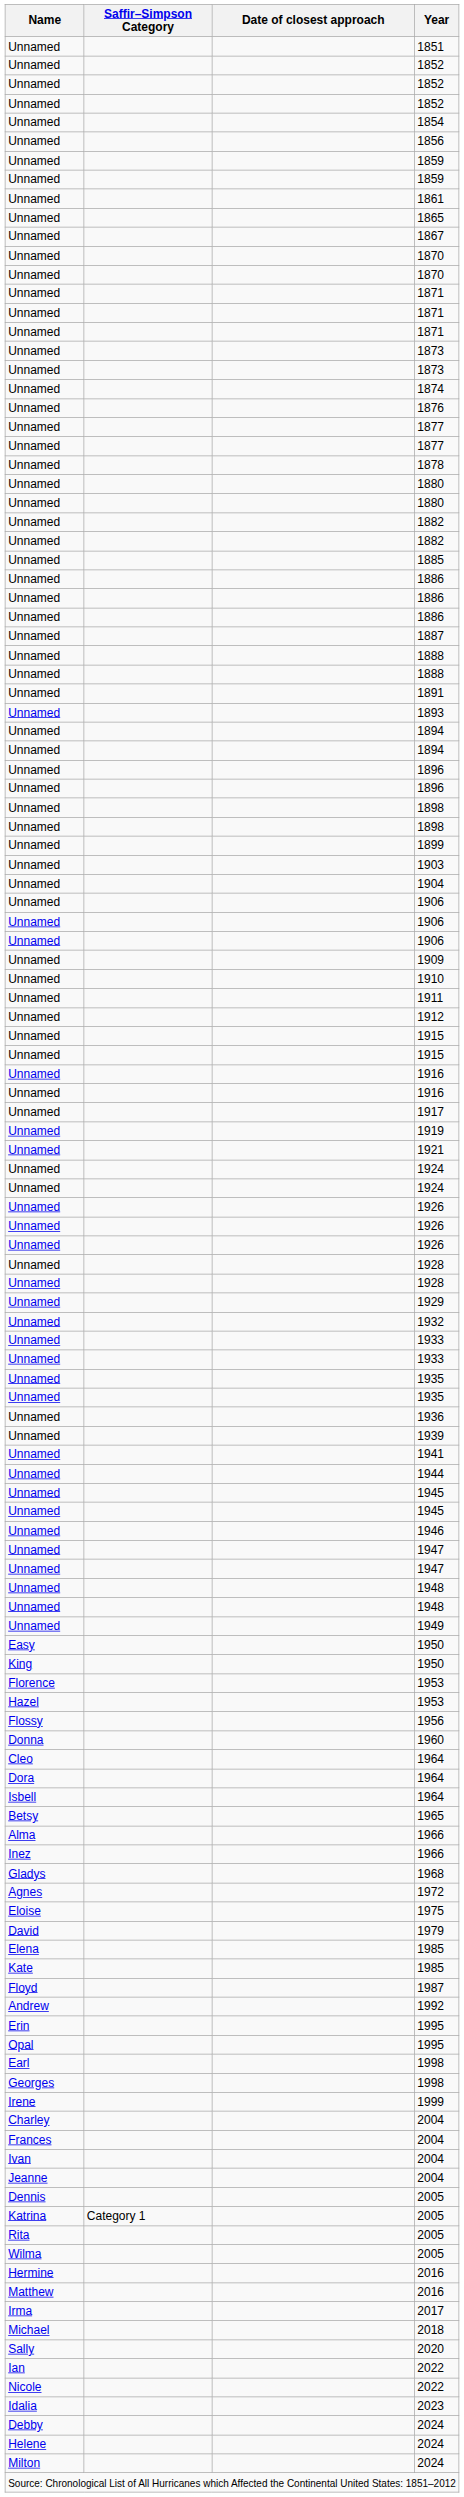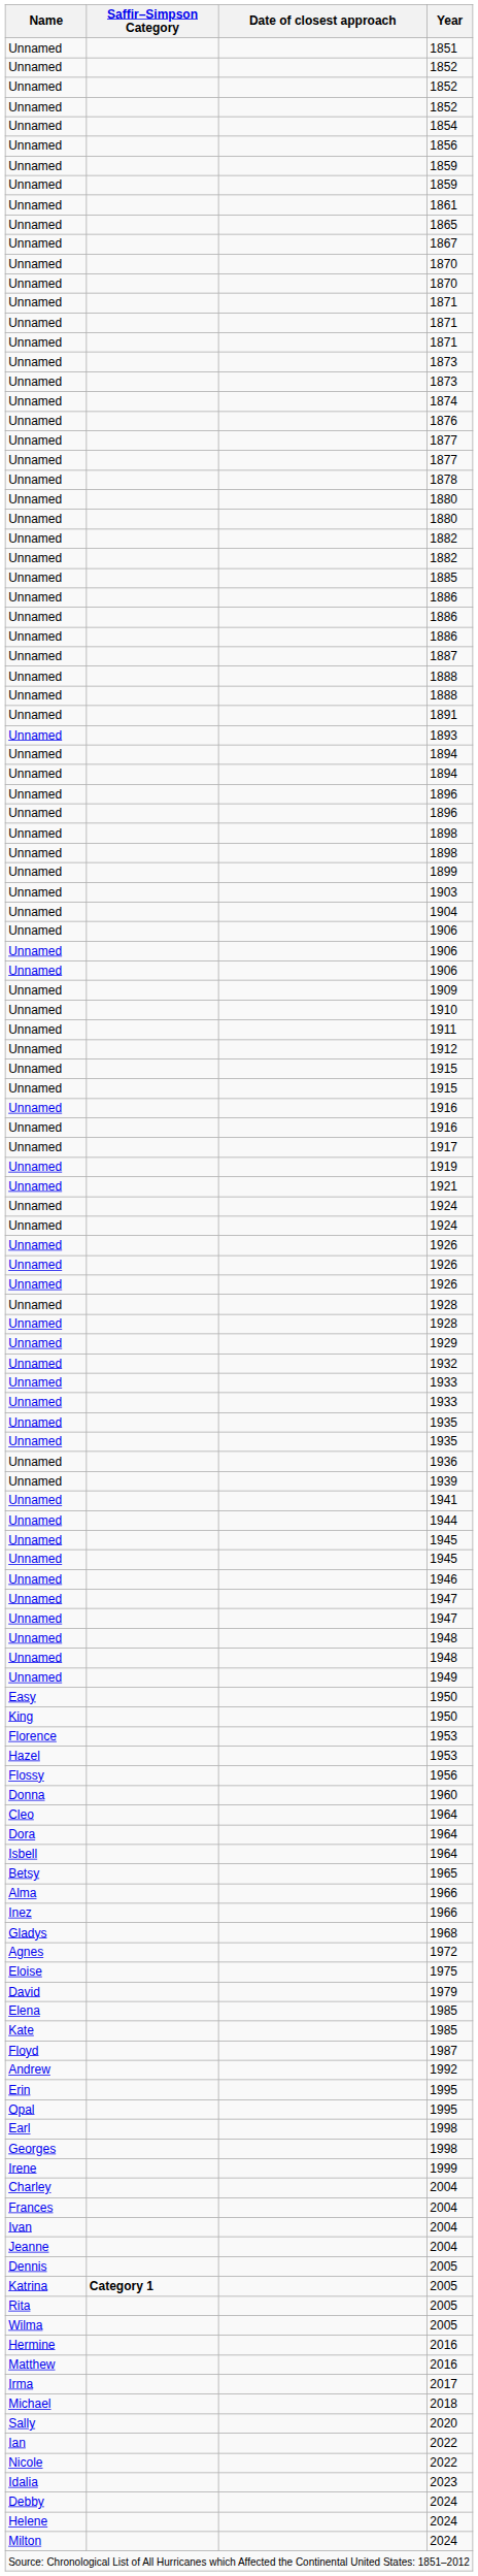 <table class="wikitable sortable" style="margin:1em auto;">
 <tr>
 <th>Name</th>
 <th><a href='#'>Saffir–Simpson</a><br>Category</th>
 <th>Date of closest approach</th>
 <th>Year</th>
 </tr>
 <tr>
 <td>Unnamed</td>
 <td></td>
 <td></td>
 <td>1851</td>
 </tr>
 <tr>
 <td>Unnamed</td>
 <td></td>
 <td></td>
 <td>1852</td>
 </tr>
 <tr>
 <td>Unnamed</td>
 <td></td>
 <td></td>
 <td>1852</td>
 </tr>
 <tr>
 <td>Unnamed</td>
 <td></td>
 <td></td>
 <td>1852</td>
 </tr>
 <tr>
 <td>Unnamed</td>
 <td></td>
 <td></td>
 <td>1854</td>
 </tr>
 <tr>
 <td>Unnamed</td>
 <td></td>
 <td></td>
 <td>1856</td>
 </tr>
 <tr>
 <td>Unnamed</td>
 <td></td>
 <td></td>
 <td>1859</td>
 </tr>
 <tr>
 <td>Unnamed</td>
 <td></td>
 <td></td>
 <td>1859</td>
 </tr>
 <tr>
 <td>Unnamed</td>
 <td></td>
 <td></td>
 <td>1861</td>
 </tr>
 <tr>
 <td>Unnamed</td>
 <td></td>
 <td></td>
 <td>1865</td>
 </tr>
 <tr>
 <td>Unnamed</td>
 <td></td>
 <td></td>
 <td>1867</td>
 </tr>
 <tr>
 <td>Unnamed</td>
 <td></td>
 <td></td>
 <td>1870</td>
 </tr>
 <tr>
 <td>Unnamed</td>
 <td></td>
 <td></td>
 <td>1870</td>
 </tr>
 <tr>
 <td>Unnamed</td>
 <td></td>
 <td></td>
 <td>1871</td>
 </tr>
 <tr>
 <td>Unnamed</td>
 <td></td>
 <td></td>
 <td>1871</td>
 </tr>
 <tr>
 <td>Unnamed</td>
 <td></td>
 <td></td>
 <td>1871</td>
 </tr>
 <tr>
 <td>Unnamed</td>
 <td></td>
 <td></td>
 <td>1873</td>
 </tr>
 <tr>
 <td>Unnamed</td>
 <td></td>
 <td></td>
 <td>1873</td>
 </tr>
 <tr>
 <td>Unnamed</td>
 <td></td>
 <td></td>
 <td>1874</td>
 </tr>
 <tr>
 <td>Unnamed</td>
 <td></td>
 <td></td>
 <td>1876</td>
 </tr>
 <tr>
 <td>Unnamed</td>
 <td></td>
 <td></td>
 <td>1877</td>
 </tr>
 <tr>
 <td>Unnamed</td>
 <td></td>
 <td></td>
 <td>1877</td>
 </tr>
 <tr>
 <td>Unnamed</td>
 <td></td>
 <td></td>
 <td>1878</td>
 </tr>
 <tr>
 <td>Unnamed</td>
 <td></td>
 <td></td>
 <td>1880</td>
 </tr>
 <tr>
 <td>Unnamed</td>
 <td></td>
 <td></td>
 <td>1880</td>
 </tr>
 <tr>
 <td>Unnamed</td>
 <td></td>
 <td></td>
 <td>1882</td>
 </tr>
 <tr>
 <td>Unnamed</td>
 <td></td>
 <td></td>
 <td>1882</td>
 </tr>
 <tr>
 <td>Unnamed</td>
 <td></td>
 <td></td>
 <td>1885</td>
 </tr>
 <tr>
 <td>Unnamed</td>
 <td></td>
 <td></td>
 <td>1886</td>
 </tr>
 <tr>
 <td>Unnamed</td>
 <td></td>
 <td></td>
 <td>1886</td>
 </tr>
 <tr>
 <td>Unnamed</td>
 <td></td>
 <td></td>
 <td>1886</td>
 </tr>
 <tr>
 <td>Unnamed</td>
 <td></td>
 <td></td>
 <td>1887</td>
 </tr>
 <tr>
 <td>Unnamed</td>
 <td></td>
 <td></td>
 <td>1888</td>
 </tr>
 <tr>
 <td>Unnamed</td>
 <td></td>
 <td></td>
 <td>1888</td>
 </tr>
 <tr>
 <td>Unnamed</td>
 <td></td>
 <td></td>
 <td>1891</td>
 </tr>
 <tr>
 <td><a href='#'>Unnamed</a></td>
 <td></td>
 <td></td>
 <td>1893</td>
 </tr>
 <tr>
 <td>Unnamed</td>
 <td></td>
 <td></td>
 <td>1894</td>
 </tr>
 <tr>
 <td>Unnamed</td>
 <td></td>
 <td></td>
 <td>1894</td>
 </tr>
 <tr>
 <td>Unnamed</td>
 <td></td>
 <td></td>
 <td>1896</td>
 </tr>
 <tr>
 <td>Unnamed</td>
 <td></td>
 <td></td>
 <td>1896</td>
 </tr>
 <tr>
 <td>Unnamed</td>
 <td></td>
 <td></td>
 <td>1898</td>
 </tr>
 <tr>
 <td>Unnamed</td>
 <td></td>
 <td></td>
 <td>1898</td>
 </tr>
 <tr>
 <td>Unnamed</td>
 <td></td>
 <td></td>
 <td>1899</td>
 </tr>
 <tr>
 <td>Unnamed</td>
 <td></td>
 <td></td>
 <td>1903</td>
 </tr>
 <tr>
 <td>Unnamed</td>
 <td></td>
 <td></td>
 <td>1904</td>
 </tr>
 <tr>
 <td>Unnamed</td>
 <td></td>
 <td></td>
 <td>1906</td>
 </tr>
 <tr>
 <td><a href='#'>Unnamed</a></td>
 <td></td>
 <td></td>
 <td>1906</td>
 </tr>
 <tr>
 <td><a href='#'>Unnamed</a></td>
 <td></td>
 <td></td>
 <td>1906</td>
 </tr>
 <tr>
 <td>Unnamed</td>
 <td></td>
 <td></td>
 <td>1909</td>
 </tr>
 <tr>
 <td>Unnamed</td>
 <td></td>
 <td></td>
 <td>1910</td>
 </tr>
 <tr>
 <td>Unnamed</td>
 <td></td>
 <td></td>
 <td>1911</td>
 </tr>
 <tr>
 <td>Unnamed</td>
 <td></td>
 <td></td>
 <td>1912</td>
 </tr>
 <tr>
 <td>Unnamed</td>
 <td></td>
 <td></td>
 <td>1915</td>
 </tr>
 <tr>
 <td>Unnamed</td>
 <td></td>
 <td></td>
 <td>1915</td>
 </tr>
 <tr>
 <td><a href='#'>Unnamed</a></td>
 <td></td>
 <td></td>
 <td>1916</td>
 </tr>
 <tr>
 <td>Unnamed</td>
 <td></td>
 <td></td>
 <td>1916</td>
 </tr>
 <tr>
 <td>Unnamed</td>
 <td></td>
 <td></td>
 <td>1917</td>
 </tr>
 <tr>
 <td><a href='#'>Unnamed</a></td>
 <td></td>
 <td></td>
 <td>1919</td>
 </tr>
 <tr>
 <td><a href='#'>Unnamed</a></td>
 <td></td>
 <td></td>
 <td>1921</td>
 </tr>
 <tr>
 <td>Unnamed</td>
 <td></td>
 <td></td>
 <td>1924</td>
 </tr>
 <tr>
 <td>Unnamed</td>
 <td></td>
 <td></td>
 <td>1924</td>
 </tr>
 <tr>
 <td><a href='#'>Unnamed</a></td>
 <td></td>
 <td></td>
 <td>1926</td>
 </tr>
 <tr>
 <td><a href='#'>Unnamed</a></td>
 <td></td>
 <td></td>
 <td>1926</td>
 </tr>
 <tr>
 <td><a href='#'>Unnamed</a></td>
 <td></td>
 <td></td>
 <td>1926</td>
 </tr>
 <tr>
 <td>Unnamed</td>
 <td></td>
 <td></td>
 <td>1928</td>
 </tr>
 <tr>
 <td><a href='#'>Unnamed</a></td>
 <td></td>
 <td></td>
 <td>1928</td>
 </tr>
 <tr>
 <td><a href='#'>Unnamed</a></td>
 <td></td>
 <td></td>
 <td>1929</td>
 </tr>
 <tr>
 <td><a href='#'>Unnamed</a></td>
 <td></td>
 <td></td>
 <td>1932</td>
 </tr>
 <tr>
 <td><a href='#'>Unnamed</a></td>
 <td></td>
 <td></td>
 <td>1933</td>
 </tr>
 <tr>
 <td><a href='#'>Unnamed</a></td>
 <td></td>
 <td></td>
 <td>1933</td>
 </tr>
 <tr>
 <td><a href='#'>Unnamed</a></td>
 <td></td>
 <td></td>
 <td>1935</td>
 </tr>
 <tr>
 <td><a href='#'>Unnamed</a></td>
 <td></td>
 <td></td>
 <td>1935</td>
 </tr>
 <tr>
 <td>Unnamed</td>
 <td></td>
 <td></td>
 <td>1936</td>
 </tr>
 <tr>
 <td>Unnamed</td>
 <td></td>
 <td></td>
 <td>1939</td>
 </tr>
 <tr>
 <td><a href='#'>Unnamed</a></td>
 <td></td>
 <td></td>
 <td>1941</td>
 </tr>
 <tr>
 <td><a href='#'>Unnamed</a></td>
 <td></td>
 <td></td>
 <td>1944</td>
 </tr>
 <tr>
 <td><a href='#'>Unnamed</a></td>
 <td></td>
 <td></td>
 <td>1945</td>
 </tr>
 <tr>
 <td><a href='#'>Unnamed</a></td>
 <td></td>
 <td></td>
 <td>1945</td>
 </tr>
 <tr>
 <td><a href='#'>Unnamed</a></td>
 <td></td>
 <td></td>
 <td>1946</td>
 </tr>
 <tr>
 <td><a href='#'>Unnamed</a></td>
 <td></td>
 <td></td>
 <td>1947</td>
 </tr>
 <tr>
 <td><a href='#'>Unnamed</a></td>
 <td></td>
 <td></td>
 <td>1947</td>
 </tr>
 <tr>
 <td><a href='#'>Unnamed</a></td>
 <td></td>
 <td></td>
 <td>1948</td>
 </tr>
 <tr>
 <td><a href='#'>Unnamed</a></td>
 <td></td>
 <td></td>
 <td>1948</td>
 </tr>
 <tr>
 <td><a href='#'>Unnamed</a></td>
 <td></td>
 <td></td>
 <td>1949</td>
 </tr>
 <tr>
 <td><a href='#'>Easy</a></td>
 <td></td>
 <td></td>
 <td>1950</td>
 </tr>
 <tr>
 <td><a href='#'>King</a></td>
 <td></td>
 <td></td>
 <td>1950</td>
 </tr>
 <tr>
 <td><a href='#'>Florence</a></td>
 <td></td>
 <td></td>
 <td>1953</td>
 </tr>
 <tr>
 <td><a href='#'>Hazel</a></td>
 <td></td>
 <td></td>
 <td>1953</td>
 </tr>
 <tr>
 <td><a href='#'>Flossy</a></td>
 <td></td>
 <td></td>
 <td>1956</td>
 </tr>
 <tr>
 <td><a href='#'>Donna</a></td>
 <td></td>
 <td></td>
 <td>1960</td>
 </tr>
 <tr>
 <td><a href='#'>Cleo</a></td>
 <td></td>
 <td></td>
 <td>1964</td>
 </tr>
 <tr>
 <td><a href='#'>Dora</a></td>
 <td></td>
 <td></td>
 <td>1964</td>
 </tr>
 <tr>
 <td><a href='#'>Isbell</a></td>
 <td></td>
 <td></td>
 <td>1964</td>
 </tr>
 <tr>
 <td><a href='#'>Betsy</a></td>
 <td></td>
 <td></td>
 <td>1965</td>
 </tr>
 <tr>
 <td><a href='#'>Alma</a></td>
 <td></td>
 <td></td>
 <td>1966</td>
 </tr>
 <tr>
 <td><a href='#'>Inez</a></td>
 <td></td>
 <td></td>
 <td>1966</td>
 </tr>
 <tr>
 <td><a href='#'>Gladys</a></td>
 <td></td>
 <td></td>
 <td>1968</td>
 </tr>
 <tr>
 <td><a href='#'>Agnes</a></td>
 <td></td>
 <td></td>
 <td>1972</td>
 </tr>
 <tr>
 <td><a href='#'>Eloise</a></td>
 <td></td>
 <td></td>
 <td>1975</td>
 </tr>
 <tr>
 <td><a href='#'>David</a></td>
 <td></td>
 <td></td>
 <td>1979</td>
 </tr>
 <tr>
 <td><a href='#'>Elena</a></td>
 <td></td>
 <td></td>
 <td>1985</td>
 </tr>
 <tr>
 <td><a href='#'>Kate</a></td>
 <td></td>
 <td></td>
 <td>1985</td>
 </tr>
 <tr>
 <td><a href='#'>Floyd</a></td>
 <td></td>
 <td></td>
 <td>1987</td>
 </tr>
 <tr>
 <td><a href='#'>Andrew</a></td>
 <td></td>
 <td></td>
 <td>1992</td>
 </tr>
 <tr>
 <td><a href='#'>Erin</a></td>
 <td></td>
 <td></td>
 <td>1995</td>
 </tr>
 <tr>
 <td><a href='#'>Opal</a></td>
 <td></td>
 <td></td>
 <td>1995</td>
 </tr>
 <tr>
 <td><a href='#'>Earl</a></td>
 <td></td>
 <td></td>
 <td>1998</td>
 </tr>
 <tr>
 <td><a href='#'>Georges</a></td>
 <td></td>
 <td></td>
 <td>1998</td>
 </tr>
 <tr>
 <td><a href='#'>Irene</a></td>
 <td></td>
 <td></td>
 <td>1999</td>
 </tr>
 <tr>
 <td><a href='#'>Charley</a></td>
 <td></td>
 <td></td>
 <td>2004</td>
 </tr>
 <tr>
 <td><a href='#'>Frances</a></td>
 <td></td>
 <td></td>
 <td>2004</td>
 </tr>
 <tr>
 <td><a href='#'>Ivan</a></td>
 <td></td>
 <td></td>
 <td>2004</td>
 </tr>
 <tr>
 <td><a href='#'>Jeanne</a></td>
 <td></td>
 <td></td>
 <td>2004</td>
 </tr>
 <tr>
 <td><a href='#'>Dennis</a></td>
 <td></td>
 <td></td>
 <td>2005</td>
 </tr>
 <tr>
 <td><a href='#'>Katrina</a></td>
-<td><div>Category 1<br></td>
+<td><strong><div>Category 1<br></strong></td>
 <td></td>
 <td>2005</td>
 </tr>
 <tr>
 <td><a href='#'>Rita</a></td>
 <td></td>
 <td></td>
 <td>2005</td>
 </tr>
 <tr>
 <td><a href='#'>Wilma</a></td>
 <td></td>
 <td></td>
 <td>2005</td>
 </tr>
 <tr>
 <td><a href='#'>Hermine</a></td>
 <td></td>
 <td></td>
 <td>2016</td>
 </tr>
 <tr>
 <td><a href='#'>Matthew</a></td>
 <td></td>
 <td></td>
 <td>2016</td>
 </tr>
 <tr>
 <td><a href='#'>Irma</a></td>
 <td></td>
 <td></td>
 <td>2017</td>
 </tr>
 <tr>
 <td><a href='#'>Michael</a></td>
 <td></td>
 <td></td>
 <td>2018</td>
 </tr>
 <tr>
 <td><a href='#'>Sally</a></td>
 <td></td>
 <td></td>
 <td>2020</td>
 </tr>
 <tr>
 <td><a href='#'>Ian</a></td>
 <td></td>
 <td></td>
 <td>2022</td>
 </tr>
 <tr>
 <td><a href='#'>Nicole</a></td>
 <td></td>
 <td></td>
 <td>2022</td>
 </tr>
 <tr>
 <td><a href='#'>Idalia</a></td>
 <td></td>
 <td></td>
 <td>2023</td>
 </tr>
 <tr>
 <td><a href='#'>Debby</a></td>
 <td></td>
 <td></td>
 <td>2024</td>
 </tr>
 <tr>
 <td><a href='#'>Helene</a></td>
 <td></td>
 <td></td>
 <td>2024</td>
 </tr>
 <tr>
 <td><a href='#'>Milton</a></td>
 <td></td>
 <td></td>
 <td>2024</td>
 </tr>
 <tr>
 <td colspan="9"><small>Source: Chronological List of All Hurricanes which Affected the Continental United States: 1851–2012</small></td>
 </tr>
 </table>
